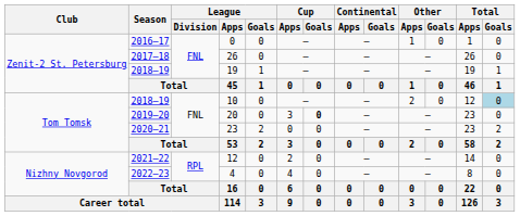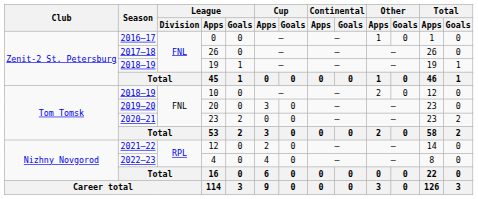 <table class="wikitable" style="text-align: center;">
 <tr>
 <th rowspan=2>Club</th>
 <th rowspan=2>Season</th>
 <th colspan=3>League</th>
 <th colspan=2>Cup</th>
 <th colspan=2>Continental</th>
 <th colspan=2>Other</th>
 <th colspan=2>Total</th>
 </tr>
 <tr>
 <th>Division</th>
 <th>Apps</th>
 <th>Goals</th>
 <th>Apps</th>
 <th>Goals</th>
 <th>Apps</th>
 <th>Goals</th>
 <th>Apps</th>
 <th>Goals</th>
 <th>Apps</th>
 <th>Goals</th>
 </tr>
 <tr>
 <td rowspan="4"><a href='#'>Zenit-2 St. Petersburg</a></td>
 <td><a href='#'>2016–17</a></td>
 <td rowspan="3"><a href='#'>FNL</a></td>
 <td>0</td>
 <td>0</td>
 <td colspan=2>–</td>
 <td colspan=2>–</td>
 <td>1</td>
 <td>0</td>
 <td>1</td>
 <td>0</td>
 </tr>
 <tr>
 <td><a href='#'>2017–18</a></td>
 <td>26</td>
 <td>0</td>
 <td colspan=2>–</td>
 <td colspan=2>–</td>
 <td colspan=2>–</td>
 <td>26</td>
 <td>0</td>
 </tr>
 <tr>
 <td><a href='#'>2018–19</a></td>
 <td>19</td>
 <td>1</td>
 <td colspan=2>–</td>
 <td colspan=2>–</td>
 <td colspan=2>–</td>
 <td>19</td>
 <td>1</td>
 </tr>
 <tr>
 <th colspan=2>Total</th>
 <th>45</th>
 <th>1</th>
 <th>0</th>
 <th>0</th>
 <th>0</th>
 <th>0</th>
 <th>1</th>
 <th>0</th>
 <th>46</th>
 <th>1</th>
 </tr>
 <tr>
 <td rowspan="4"><a href='#'>Tom Tomsk</a></td>
 <td><a href='#'>2018–19</a></td>
 <td rowspan="3">FNL</td>
 <td>10</td>
 <td>0</td>
 <td colspan=2>–</td>
 <td colspan=2>–</td>
 <td>2</td>
 <td>0</td>
 <td>12</td>
-<td style="background: lightblue;">0</td>
+<td>0</td>
 </tr>
 <tr>
 <td><a href='#'>2019–20</a></td>
 <td>20</td>
 <td>0</td>
 <td>3</td>
-<td><strong>0</strong></td>
+<td>0</td>
 <td colspan=2>–</td>
 <td colspan=2>–</td>
 <td>23</td>
 <td>0</td>
 </tr>
 <tr>
 <td><a href='#'>2020–21</a></td>
 <td>23</td>
 <td>2</td>
 <td>0</td>
 <td>0</td>
 <td colspan=2>–</td>
 <td colspan=2>–</td>
 <td>23</td>
 <td>2</td>
 </tr>
 <tr>
 <th colspan=2>Total</th>
 <th>53</th>
 <th>2</th>
 <th>3</th>
 <th>0</th>
 <th>0</th>
 <th>0</th>
 <th>2</th>
 <th>0</th>
 <th>58</th>
 <th>2</th>
 </tr>
 <tr>
 <td rowspan="3"><a href='#'>Nizhny Novgorod</a></td>
 <td><a href='#'>2021–22</a></td>
 <td rowspan="2"><a href='#'>RPL</a></td>
 <td>12</td>
 <td>0</td>
 <td>2</td>
 <td>0</td>
 <td colspan=2>–</td>
 <td colspan=2>–</td>
 <td>14</td>
 <td>0</td>
 </tr>
 <tr>
 <td><a href='#'>2022–23</a></td>
 <td>4</td>
 <td>0</td>
 <td>4</td>
 <td>0</td>
 <td colspan=2>–</td>
 <td colspan=2>–</td>
 <td>8</td>
 <td>0</td>
 </tr>
 <tr>
 <th colspan=2>Total</th>
 <th>16</th>
 <th>0</th>
 <th>6</th>
 <th>0</th>
 <th>0</th>
 <th>0</th>
 <th>0</th>
 <th>0</th>
 <th>22</th>
 <th>0</th>
 </tr>
 <tr>
 <th colspan=3>Career total</th>
 <th>114</th>
 <th>3</th>
 <th>9</th>
 <th>0</th>
 <th>0</th>
 <th>0</th>
 <th>3</th>
 <th>0</th>
 <th>126</th>
 <th>3</th>
 </tr>
 </table>
